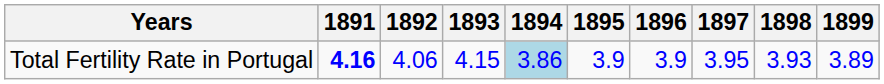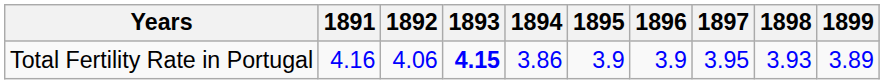 <table class="wikitable " style="text-align:right">
 <tr>
 <th>Years</th>
 <th>1891</th>
 <th>1892</th>
 <th>1893</th>
 <th>1894</th>
 <th>1895</th>
 <th>1896</th>
 <th>1897</th>
 <th>1898</th>
 <th>1899</th>
 </tr>
 <tr>
 <td align="left">Total Fertility Rate in Portugal</td>
-<td style="text-align:right; color:blue;"><strong>4.16</strong></td>
+<td style="text-align:right; color:blue;">4.16</td>
 <td style="text-align:right; color:blue;">4.06</td>
-<td style="text-align:right; color:blue;">4.15</td>
-<td style="background: lightblue; text-align:right; color:blue;">3.86</td>
+<td style="text-align:right; color:blue;"><strong>4.15</strong></td>
+<td style="text-align:right; color:blue;">3.86</td>
 <td style="text-align:right; color:blue;">3.9</td>
 <td style="text-align:right; color:blue;">3.9</td>
 <td style="text-align:right; color:blue;">3.95</td>
 <td style="text-align:right; color:blue;">3.93</td>
 <td style="text-align:right; color:blue;">3.89</td>
 </tr>
 </table>
